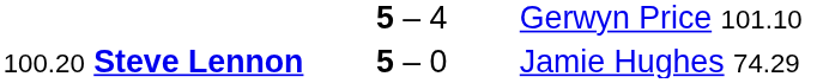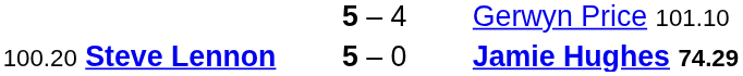 <table style="text-align:center">
 <tr>
 <th width=223></th>
 <th width=100></th>
 <th width=223></th>
 </tr>
 <tr>
 <td align=right></td>
 <td><strong>5</strong> – 4</td>
 <td align=left> <a href='#'>Gerwyn Price</a> <small>101.10</small></td>
 </tr>
 <tr>
 <td align=right><small>100.20</small> <strong><a href='#'>Steve Lennon</a></strong> </td>
 <td><strong>5</strong> – 0</td>
-<td align=left> <a href='#'>Jamie Hughes</a> <small>74.29</small></td>
+<td align=left><strong> <a href='#'>Jamie Hughes</a> <small>74.29</small></strong></td>
 </tr>
 </table>
